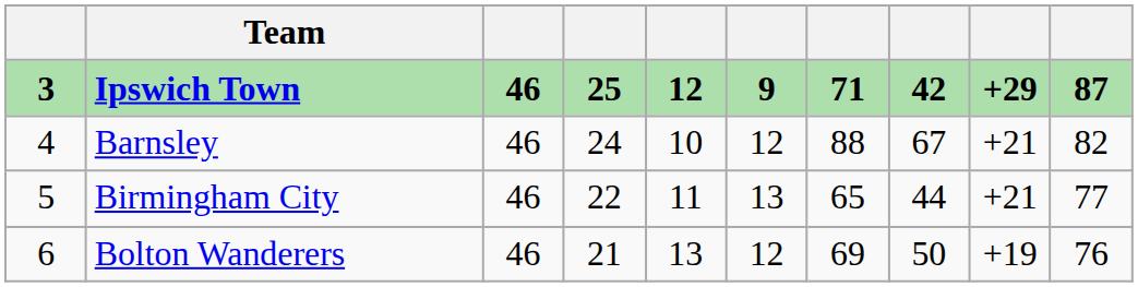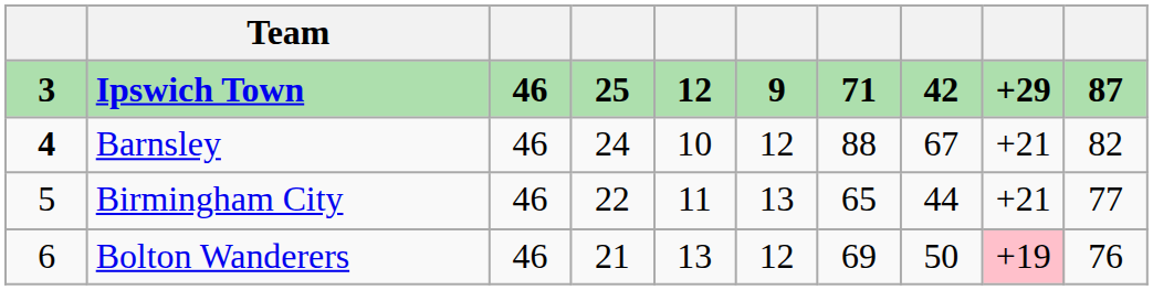 <table class="wikitable" style="text-align:center">
 <tr>
 <th width="30"></th>
 <th width="175">Team</th>
 <th width="30"></th>
 <th width="30"></th>
 <th width="30"></th>
 <th width="30"></th>
 <th width="30"></th>
 <th width="30"></th>
 <th width="30"></th>
 <th width="30"></th>
 </tr>
 <tr bgcolor=#ADDFAD>
 <td><strong>3</strong></td>
 <td align=left><strong><a href='#'>Ipswich Town</a></strong></td>
 <td><strong>46</strong></td>
 <td><strong>25</strong></td>
 <td><strong>12</strong></td>
 <td><strong>9</strong></td>
 <td><strong>71</strong></td>
 <td><strong>42</strong></td>
 <td><strong>+29</strong></td>
 <td><strong>87</strong></td>
 </tr>
 <tr>
-<td>4</td>
+<td><strong>4</strong></td>
 <td align=left><a href='#'>Barnsley</a></td>
 <td>46</td>
 <td>24</td>
 <td>10</td>
 <td>12</td>
 <td>88</td>
 <td>67</td>
 <td>+21</td>
 <td>82</td>
 </tr>
 <tr>
 <td>5</td>
 <td align=left><a href='#'>Birmingham City</a></td>
 <td>46</td>
 <td>22</td>
 <td>11</td>
 <td>13</td>
 <td>65</td>
 <td>44</td>
 <td>+21</td>
 <td>77</td>
 </tr>
 <tr>
 <td>6</td>
 <td align=left><a href='#'>Bolton Wanderers</a></td>
 <td>46</td>
 <td>21</td>
 <td>13</td>
 <td>12</td>
 <td>69</td>
 <td>50</td>
-<td>+19</td>
+<td style="background: pink;">+19</td>
 <td>76</td>
 </tr>
 </table>
